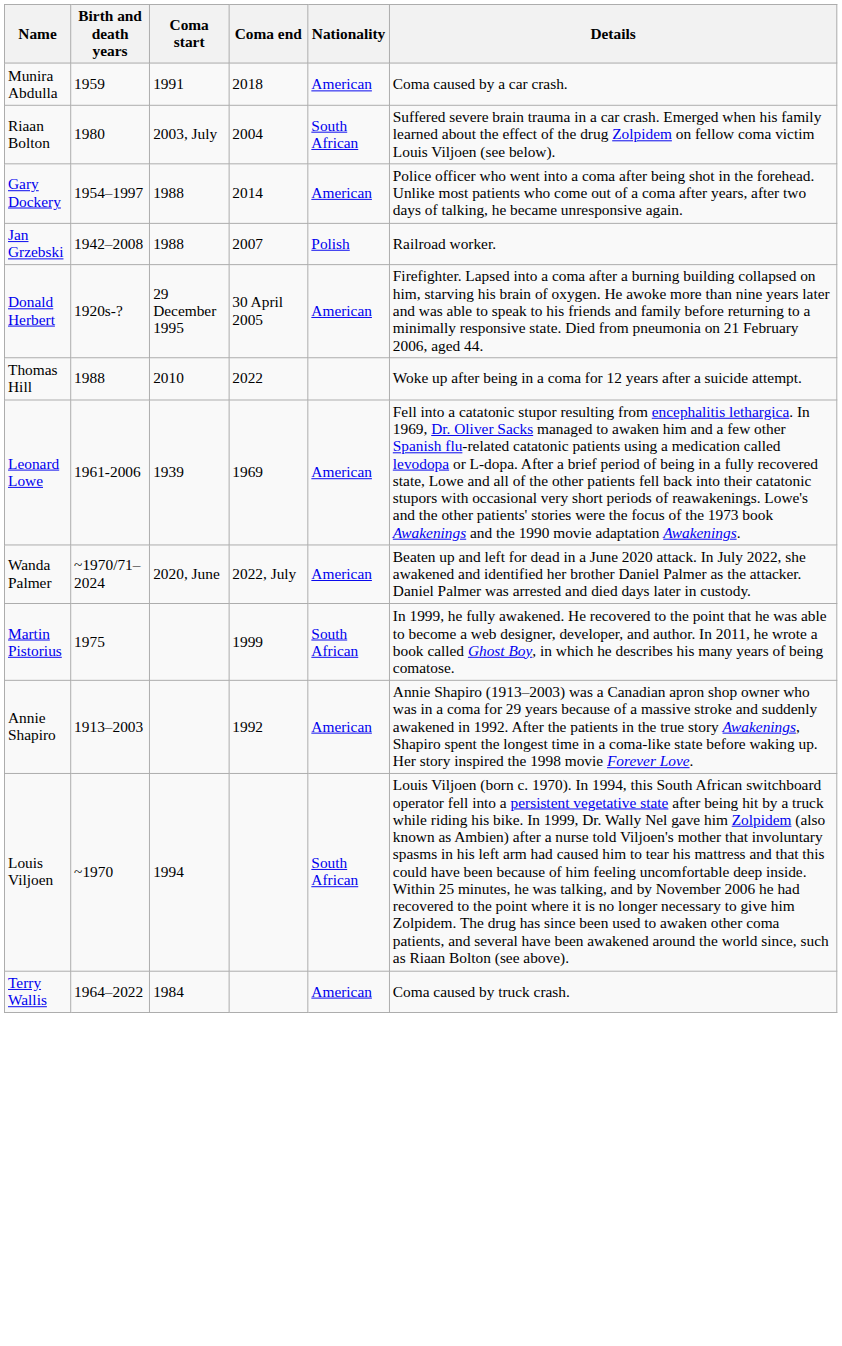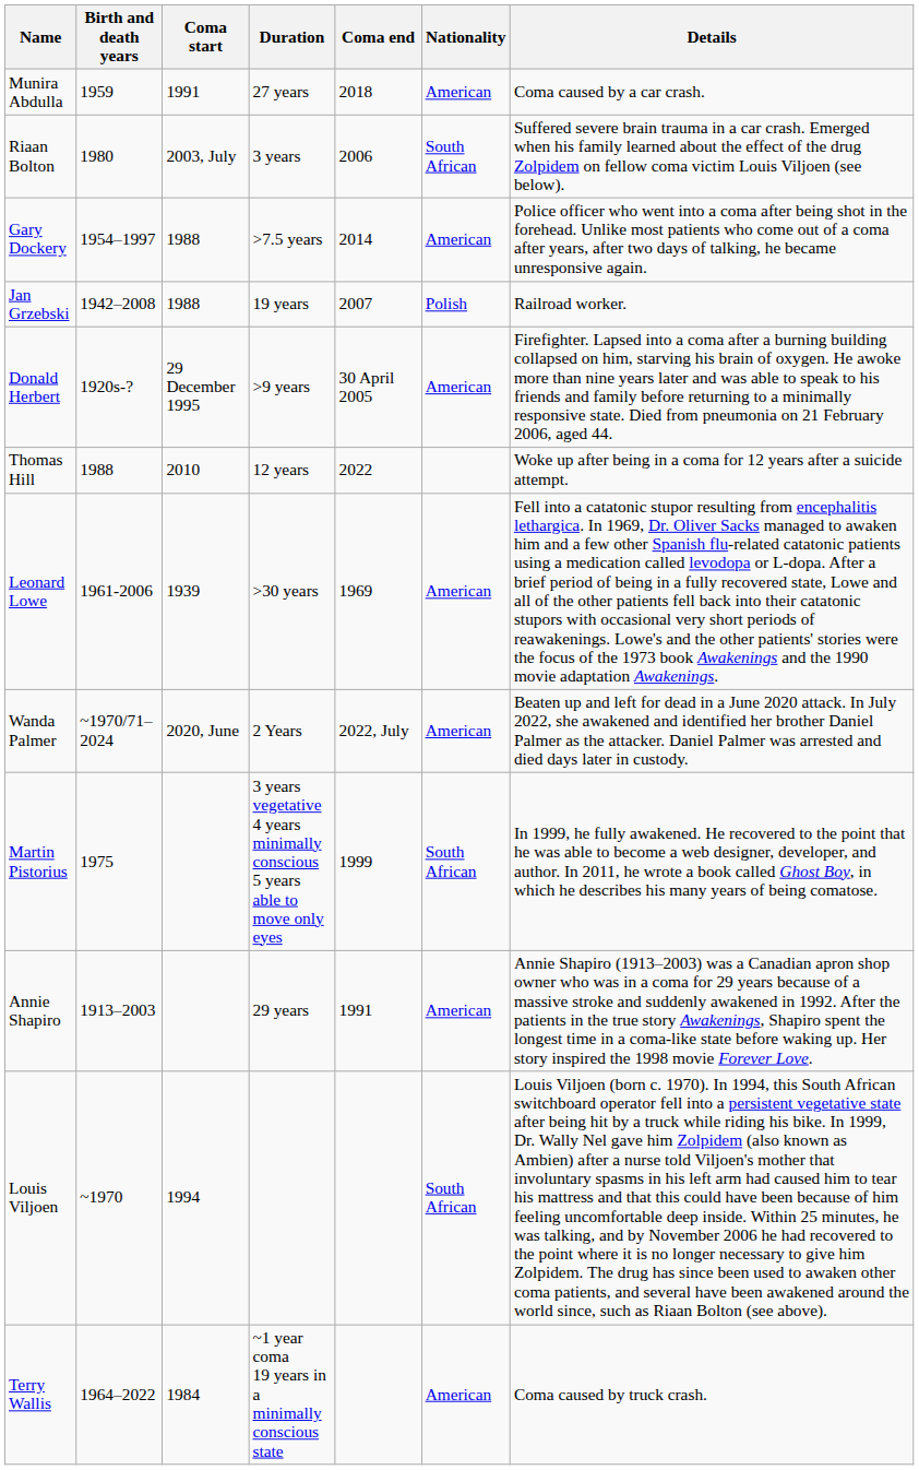 <table class="wikitable sortable">
 <tr>
 <th>Name</th>
 <th width="75">Birth and death years</th>
 <th width="75">Coma start</th>
+<th width="75">Duration</th>
 <th width="75">Coma end</th>
 <th>Nationality</th>
 <th class=unsortable>Details</th>
 </tr>
 <tr>
 <td>Munira Abdulla</td>
 <td>1959</td>
 <td>1991</td>
+<td>27 years</td>
 <td>2018</td>
 <td><a href='#'>American</a></td>
 <td>Coma caused by a car crash.</td>
 </tr>
 <tr>
 <td>Riaan Bolton</td>
 <td>1980</td>
 <td>2003, July</td>
-<td>2004</td>
+<td>3 years</td>
+<td>2006</td>
 <td><a href='#'>South African</a></td>
 <td>Suffered severe brain trauma in a car crash. Emerged when his family learned about the effect of the drug <a href='#'>Zolpidem</a> on fellow coma victim Louis Viljoen (see below).</td>
 </tr>
 <tr>
 <td><a href='#'>Gary Dockery</a></td>
 <td>1954–1997</td>
 <td>1988</td>
+<td>>7.5 years</td>
 <td>2014</td>
 <td><a href='#'>American</a></td>
 <td>Police officer who went into a coma after being shot in the forehead. Unlike most patients who come out of a coma after years, after two days of talking, he became unresponsive again.</td>
 </tr>
 <tr>
 <td><a href='#'>Jan Grzebski</a></td>
 <td>1942–2008</td>
 <td>1988</td>
+<td>19 years</td>
 <td>2007</td>
 <td><a href='#'>Polish</a></td>
 <td>Railroad worker.</td>
 </tr>
 <tr>
 <td><a href='#'>Donald Herbert</a></td>
 <td>1920s-?</td>
 <td>29 December 1995</td>
+<td>>9 years</td>
 <td>30 April 2005</td>
 <td><a href='#'>American</a></td>
 <td>Firefighter. Lapsed into a coma after a burning building collapsed on him, starving his brain of oxygen. He awoke more than nine years later and was able to speak to his friends and family before returning to a minimally responsive state. Died from pneumonia on 21 February 2006, aged 44.</td>
 </tr>
 <tr>
 <td>Thomas Hill</td>
 <td>1988</td>
 <td>2010</td>
+<td>12 years</td>
 <td>2022</td>
 <td></td>
 <td>Woke up after being in a coma for 12 years after a suicide attempt.</td>
 </tr>
 <tr>
 <td><a href='#'>Leonard Lowe</a></td>
 <td>1961-2006</td>
 <td>1939</td>
+<td>>30 years</td>
 <td>1969</td>
 <td><a href='#'>American</a></td>
 <td>Fell into a catatonic stupor resulting from <a href='#'>encephalitis lethargica</a>. In 1969, <a href='#'>Dr. Oliver Sacks</a> managed to awaken him and a few other <a href='#'>Spanish flu</a>-related catatonic patients using a medication called <a href='#'>levodopa</a> or L-dopa. After a brief period of being in a fully recovered state, Lowe and all of the other patients fell back into their catatonic stupors with occasional very short periods of reawakenings. Lowe's and the other patients' stories were the focus of the 1973 book <em><a href='#'>Awakenings</a></em> and the 1990 movie adaptation <em><a href='#'>Awakenings</a></em>.</td>
 </tr>
 <tr>
 <td>Wanda Palmer</td>
 <td>~1970/71–2024</td>
 <td>2020, June</td>
+<td>2 Years</td>
 <td>2022, July</td>
 <td><a href='#'>American</a></td>
 <td>Beaten up and left for dead in a June 2020 attack. In July 2022, she awakened and identified her brother Daniel Palmer as the attacker. Daniel Palmer was arrested and died days later in custody.</td>
 </tr>
 <tr>
 <td><a href='#'>Martin Pistorius</a></td>
 <td>1975</td>
 <td></td>
+<td>3 years <a href='#'>vegetative</a><br>4 years <a href='#'>minimally conscious</a> 5 years <a href='#'>able to move only eyes</a></td>
 <td>1999</td>
 <td><a href='#'>South African</a></td>
 <td>In 1999, he fully awakened. He recovered to the point that he was able to become a web designer, developer, and author. In 2011, he wrote a book called <em><a href='#'>Ghost Boy</a></em>, in which he describes his many years of being comatose.</td>
 </tr>
 <tr>
 <td>Annie Shapiro</td>
 <td>1913–2003</td>
 <td></td>
-<td>1992</td>
+<td>29 years</td>
+<td>1991</td>
 <td><a href='#'>American</a></td>
 <td>Annie Shapiro (1913–2003) was a Canadian apron shop owner who was in a coma for 29 years because of a massive stroke and suddenly awakened in 1992. After the patients in the true story <em><a href='#'>Awakenings</a></em>, Shapiro spent the longest time in a coma-like state before waking up. Her story inspired the 1998 movie <em><a href='#'>Forever Love</a></em>.</td>
 </tr>
 <tr>
 <td>Louis Viljoen</td>
 <td>~1970</td>
 <td>1994</td>
 <td></td>
+<td></td>
 <td><a href='#'>South African</a></td>
 <td>Louis Viljoen (born c. 1970). In 1994, this South African switchboard operator fell into a <a href='#'>persistent vegetative state</a> after being hit by a truck while riding his bike. In 1999, Dr. Wally Nel gave him <a href='#'>Zolpidem</a> (also known as Ambien) after a nurse told Viljoen's mother that involuntary spasms in his left arm had caused him to tear his mattress and that this could have been because of him feeling uncomfortable deep inside. Within 25 minutes, he was talking, and by November 2006 he had recovered to the point where it is no longer necessary to give him Zolpidem. The drug has since been used to awaken other coma patients, and several have been awakened around the world since, such as Riaan Bolton (see above).</td>
 </tr>
 <tr>
 <td><a href='#'>Terry Wallis</a></td>
 <td>1964–2022</td>
 <td>1984</td>
+<td>~1 year coma<br>19 years in a <a href='#'>minimally conscious state</a></td>
 <td></td>
 <td><a href='#'>American</a></td>
 <td>Coma caused by truck crash.</td>
 </tr>
 </table>
